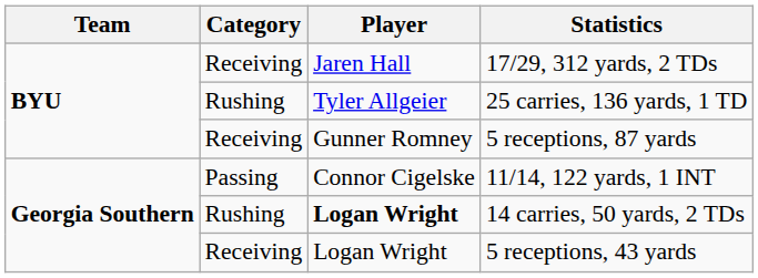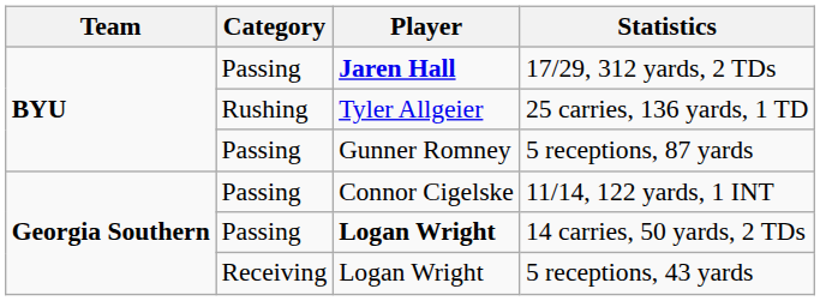 <table class="wikitable" style="float: left;">
 <tr>
 <th>Team</th>
 <th>Category</th>
 <th>Player</th>
 <th>Statistics</th>
 </tr>
 <tr>
 <td rowspan=3><strong>BYU</strong></td>
-<td>Receiving</td>
-<td><a href='#'>Jaren Hall</a></td>
+<td>Passing</td>
+<td><strong><a href='#'>Jaren Hall</a></strong></td>
 <td>17/29, 312 yards, 2 TDs</td>
 </tr>
 <tr>
 <td>Rushing</td>
 <td><a href='#'>Tyler Allgeier</a></td>
 <td>25 carries, 136 yards, 1 TD</td>
 </tr>
 <tr>
-<td>Receiving</td>
+<td>Passing</td>
 <td>Gunner Romney</td>
 <td>5 receptions, 87 yards</td>
 </tr>
 <tr>
 <td rowspan=3><strong>Georgia Southern</strong></td>
 <td>Passing</td>
 <td>Connor Cigelske</td>
 <td>11/14, 122 yards, 1 INT</td>
 </tr>
 <tr>
-<td>Rushing</td>
+<td>Passing</td>
 <td><strong>Logan Wright</strong></td>
 <td>14 carries, 50 yards, 2 TDs</td>
 </tr>
 <tr>
 <td>Receiving</td>
 <td>Logan Wright</td>
 <td>5 receptions, 43 yards</td>
 </tr>
 </table>
